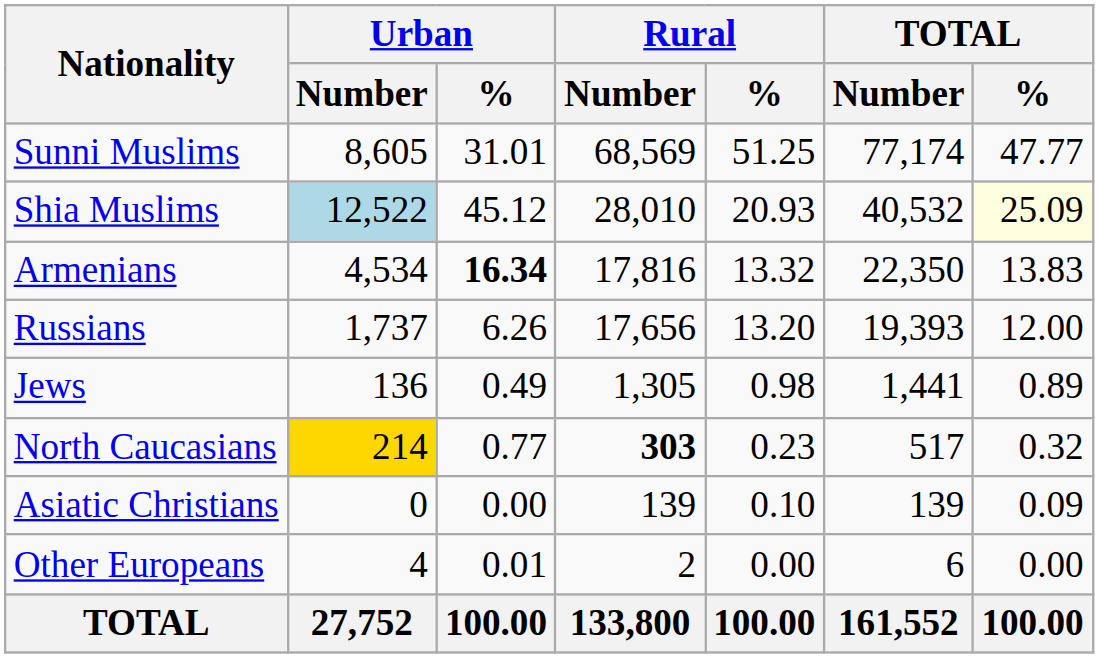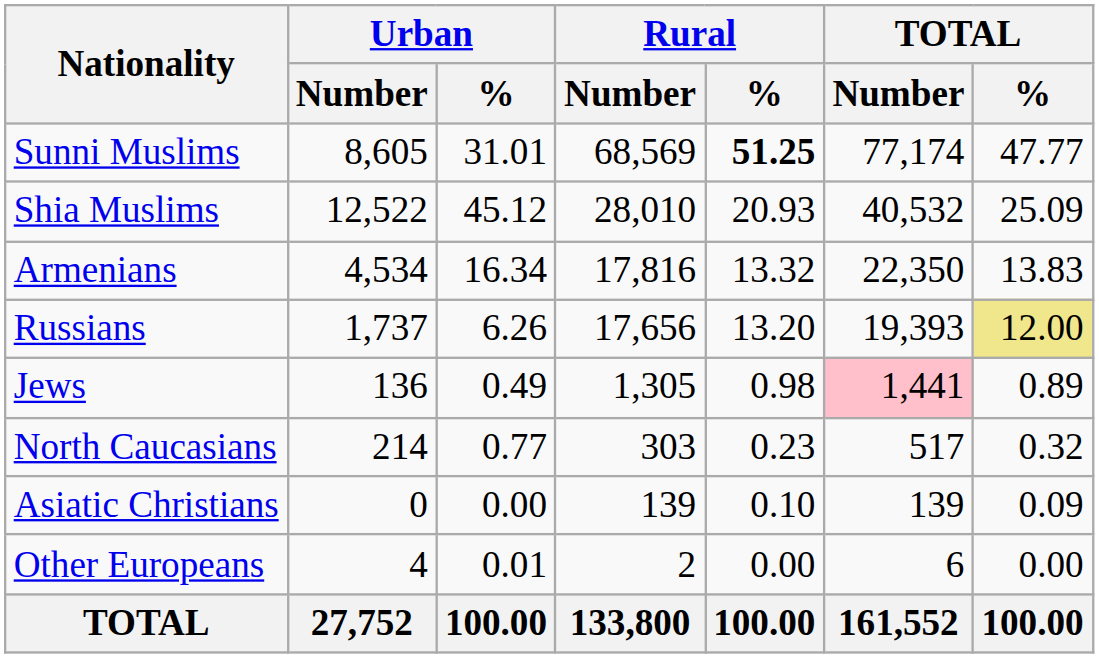 <table class="wikitable sortable">
 <tr>
 <th rowspan="2">Nationality</th>
 <th colspan="2"><a href='#'>Urban</a></th>
 <th colspan="2"><a href='#'>Rural</a></th>
 <th colspan="2">TOTAL</th>
 </tr>
 <tr>
 <th>Number</th>
 <th>%</th>
 <th>Number</th>
 <th>%</th>
 <th>Number</th>
 <th>%</th>
 </tr>
 <tr>
 <td><a href='#'>Sunni Muslims</a></td>
 <td align="right">8,605</td>
 <td align="right">31.01</td>
 <td align="right">68,569</td>
-<td align="right">51.25</td>
+<td align="right"><strong>51.25</strong></td>
 <td align="right">77,174</td>
 <td align="right">47.77</td>
 </tr>
 <tr>
 <td><a href='#'>Shia Muslims</a></td>
-<td align="right" style="background: lightblue;">12,522</td>
+<td align="right">12,522</td>
 <td align="right">45.12</td>
 <td align="right">28,010</td>
 <td align="right">20.93</td>
 <td align="right">40,532</td>
-<td align="right" style="background: lightyellow;">25.09</td>
+<td align="right">25.09</td>
 </tr>
 <tr>
 <td><a href='#'>Armenians</a></td>
 <td align="right">4,534</td>
-<td align="right"><strong>16.34</strong></td>
+<td align="right">16.34</td>
 <td align="right">17,816</td>
 <td align="right">13.32</td>
 <td align="right">22,350</td>
 <td align="right">13.83</td>
 </tr>
 <tr>
 <td><a href='#'>Russians</a></td>
 <td align="right">1,737</td>
 <td align="right">6.26</td>
 <td align="right">17,656</td>
 <td align="right">13.20</td>
 <td align="right">19,393</td>
-<td align="right">12.00</td>
+<td align="right" style="background: khaki;">12.00</td>
 </tr>
 <tr>
 <td><a href='#'>Jews</a></td>
 <td align="right">136</td>
 <td align="right">0.49</td>
 <td align="right">1,305</td>
 <td align="right">0.98</td>
-<td align="right">1,441</td>
+<td align="right" style="background: pink;">1,441</td>
 <td align="right">0.89</td>
 </tr>
 <tr>
 <td><a href='#'>North Caucasians</a></td>
-<td align="right" style="background: gold;">214</td>
+<td align="right">214</td>
 <td align="right">0.77</td>
-<td align="right"><strong>303</strong></td>
+<td align="right">303</td>
 <td align="right">0.23</td>
 <td align="right">517</td>
 <td align="right">0.32</td>
 </tr>
 <tr>
 <td><a href='#'>Asiatic Christians</a></td>
 <td align="right">0</td>
 <td align="right">0.00</td>
 <td align="right">139</td>
 <td align="right">0.10</td>
 <td align="right">139</td>
 <td align="right">0.09</td>
 </tr>
 <tr>
 <td><a href='#'>Other Europeans</a></td>
 <td align="right">4</td>
 <td align="right">0.01</td>
 <td align="right">2</td>
 <td align="right">0.00</td>
 <td align="right">6</td>
 <td align="right">0.00</td>
 </tr>
 <tr>
 <th>TOTAL</th>
 <th>27,752</th>
 <th>100.00</th>
 <th>133,800</th>
 <th>100.00</th>
 <th>161,552</th>
 <th>100.00</th>
 </tr>
 </table>
